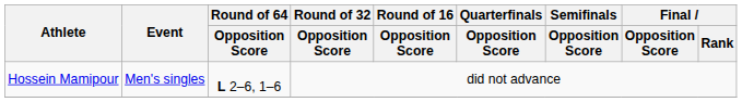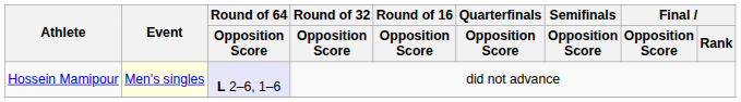 <table class=wikitable>
 <tr>
 <th rowspan="2">Athlete</th>
 <th rowspan="2">Event</th>
 <th>Round of 64</th>
 <th>Round of 32</th>
 <th>Round of 16</th>
 <th>Quarterfinals</th>
 <th>Semifinals</th>
 <th colspan="2">Final / </th>
 </tr>
 <tr>
 <th>Opposition<br>Score</th>
 <th>Opposition<br>Score</th>
 <th>Opposition<br>Score</th>
 <th>Opposition<br>Score</th>
 <th>Opposition<br>Score</th>
 <th>Opposition<br>Score</th>
 <th>Rank</th>
 </tr>
 <tr>
 <td><a href='#'>Hossein Mamipour</a></td>
-<td><a href='#'>Men's singles</a></td>
-<td align="center"><br><strong>L</strong> 2–6, 1–6</td>
+<td style="background: lightyellow;"><a href='#'>Men's singles</a></td>
+<td align="center" style="background: lavender;"><br><strong>L</strong> 2–6, 1–6</td>
 <td align="center" colspan="6">did not advance</td>
 </tr>
 <tr>
 </tr>
 </table>
